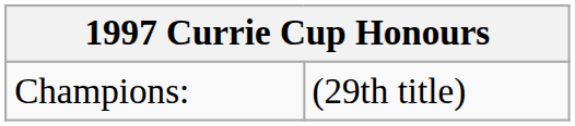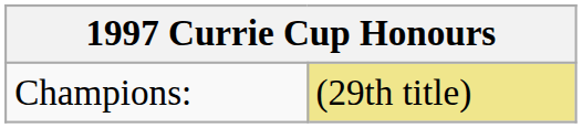 <table class="wikitable" style="text-align:left; font-size:100%; width:40%; margin:1em auto 1em auto;">
 <tr>
 <th colspan=2>1997 Currie Cup Honours</th>
 </tr>
 <tr>
 <td>Champions:</td>
-<td> (29th title)</td>
+<td style="background: khaki;"> (29th title)</td>
 </tr>
 </table>
